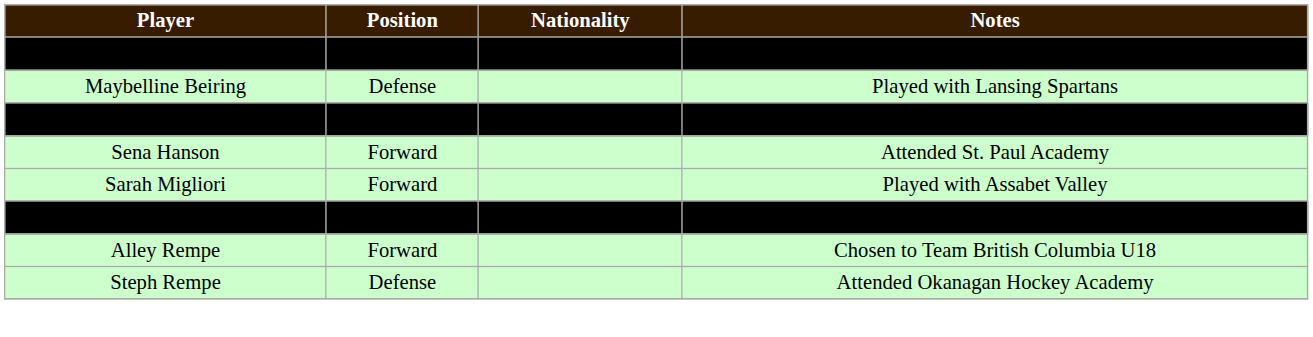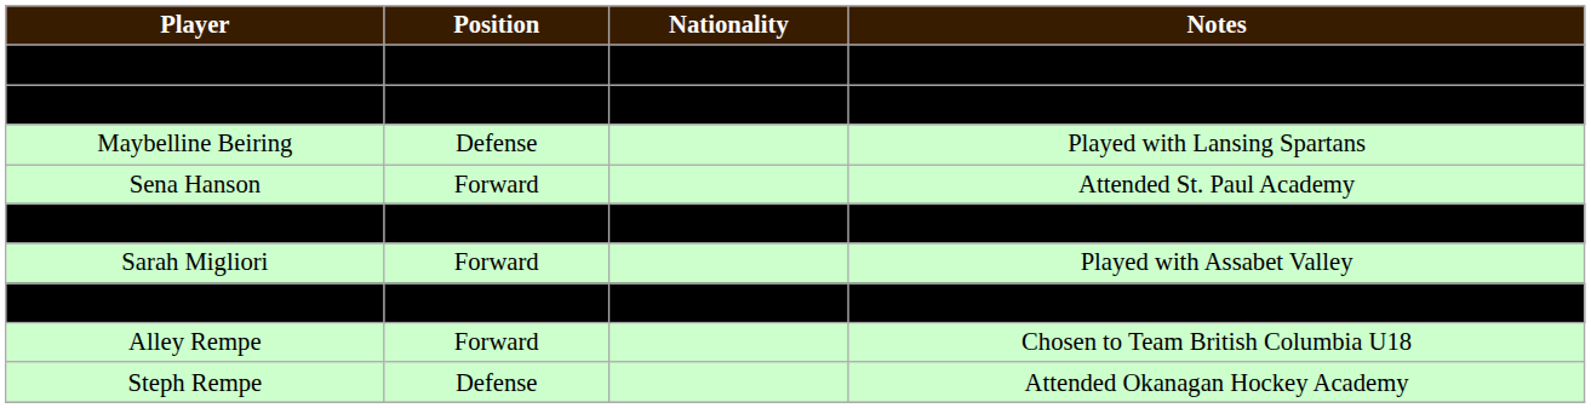 <table class="wikitable" width="80%">
 <tr align="center" style=" background:#381C00; color:white;">
 <td><strong>Player</strong></td>
 <td><strong>Position</strong></td>
 <td><strong>Nationality</strong></td>
 <td><strong>Notes</strong><br></td>
 </tr>
 <tr align="center" bgcolor=" ">
 <td>Veronica Alois</td>
 <td>Defense</td>
 <td></td>
 <td>Attended Andover High School</td>
 </tr>
-<tr align="center" bgcolor="#ccffcc">
-<td>Maybelline Beiring</td>
-<td>Defense</td>
-<td></td>
-<td>Played with Lansing Spartans</td>
-</tr>
 <tr align="center" bgcolor=" ">
 <td>Hana DeClerck</td>
 <td>Forward</td>
 <td></td>
 <td>Played for Little Caesars</td>
 </tr>
 <tr align="center" bgcolor="#ccffcc">
+<td>Maybelline Beiring</td>
+<td>Defense</td>
+<td></td>
+<td>Played with Lansing Spartans</td>
+</tr>
+<tr align="center" bgcolor="#ccffcc">
 <td>Sena Hanson</td>
 <td>Forward</td>
 <td></td>
 <td>Attended St. Paul Academy</td>
+</tr>
+<tr align="center" bgcolor=" ">
+<td>Calla Isaac</td>
+<td>Goaltender</td>
+<td></td>
+<td>Outstanding Track & Field athlete</td>
 </tr>
 <tr align="center" bgcolor="#ccffcc">
 <td>Sarah Migliori</td>
 <td>Forward</td>
 <td></td>
 <td>Played with Assabet Valley</td>
 </tr>
 <tr align="center" bgcolor=" ">
 <td>Lucinda Quigley</td>
 <td>Forward</td>
 <td></td>
 <td>Member of East Coast Wizards</td>
 </tr>
 <tr align="center" bgcolor="#ccffcc">
 <td>Alley Rempe</td>
 <td>Forward</td>
 <td></td>
 <td>Chosen to Team British Columbia U18</td>
 </tr>
 <tr align="center" bgcolor="#ccffcc">
 <td>Steph Rempe</td>
 <td>Defense</td>
 <td></td>
 <td>Attended Okanagan Hockey Academy</td>
 </tr>
 <tr align="center" bgcolor=" ">
 </tr>
 </table>
